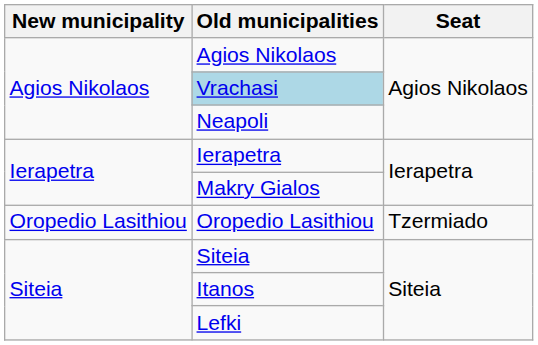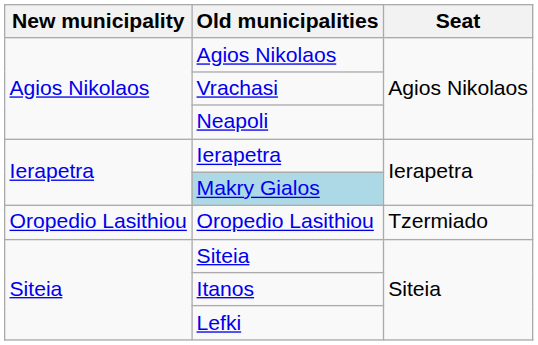 <table class="wikitable">
 <tr>
 <th>New municipality</th>
 <th>Old municipalities</th>
 <th>Seat</th>
 </tr>
 <tr>
 <td rowspan=3><a href='#'>Agios Nikolaos</a></td>
 <td><a href='#'>Agios Nikolaos</a></td>
 <td rowspan=3>Agios Nikolaos</td>
 </tr>
 <tr>
-<td style="background: lightblue;"><a href='#'>Vrachasi</a></td>
+<td><a href='#'>Vrachasi</a></td>
 </tr>
 <tr>
 <td><a href='#'>Neapoli</a></td>
 </tr>
 <tr>
 <td rowspan=2><a href='#'>Ierapetra</a></td>
 <td><a href='#'>Ierapetra</a></td>
 <td rowspan=2>Ierapetra</td>
 </tr>
 <tr>
-<td><a href='#'>Makry Gialos</a></td>
+<td style="background: lightblue;"><a href='#'>Makry Gialos</a></td>
 </tr>
 <tr>
 <td><a href='#'>Oropedio Lasithiou</a></td>
 <td><a href='#'>Oropedio Lasithiou</a></td>
 <td>Tzermiado</td>
 </tr>
 <tr>
 <td rowspan=3><a href='#'>Siteia</a></td>
 <td><a href='#'>Siteia</a></td>
 <td rowspan=3>Siteia</td>
 </tr>
 <tr>
 <td><a href='#'>Itanos</a></td>
 </tr>
 <tr>
 <td><a href='#'>Lefki</a></td>
 </tr>
 </table>
